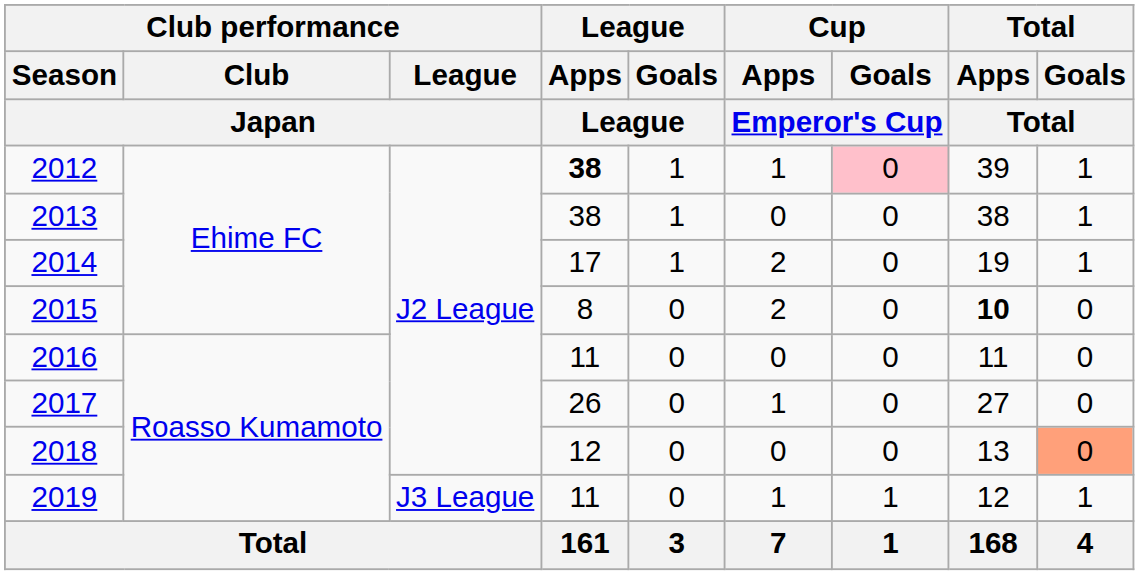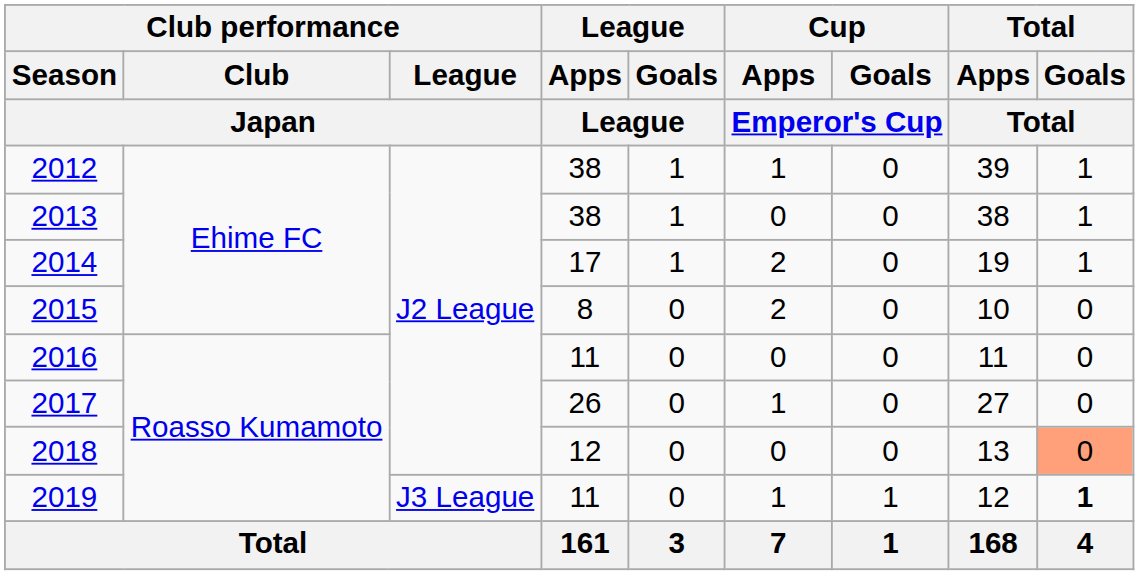 <table class="wikitable" style="text-align:center;">
 <tr>
 <th colspan=3>Club performance</th>
 <th colspan=2>League</th>
 <th colspan=2>Cup</th>
 <th colspan=2>Total</th>
 </tr>
 <tr>
 <th>Season</th>
 <th>Club</th>
 <th>League</th>
 <th>Apps</th>
 <th>Goals</th>
 <th>Apps</th>
 <th>Goals</th>
 <th>Apps</th>
 <th>Goals</th>
 </tr>
 <tr>
 <th colspan=3>Japan</th>
 <th colspan=2>League</th>
 <th colspan=2><a href='#'>Emperor's Cup</a></th>
 <th colspan=2>Total</th>
 </tr>
 <tr>
 <td><a href='#'>2012</a></td>
 <td rowspan="4"><a href='#'>Ehime FC</a></td>
 <td rowspan="7"><a href='#'>J2 League</a></td>
-<td><strong>38</strong></td>
+<td>38</td>
 <td>1</td>
 <td>1</td>
-<td style="background: pink;">0</td>
+<td>0</td>
 <td>39</td>
 <td>1</td>
 </tr>
 <tr>
 <td><a href='#'>2013</a></td>
 <td>38</td>
 <td>1</td>
 <td>0</td>
 <td>0</td>
 <td>38</td>
 <td>1</td>
 </tr>
 <tr>
 <td><a href='#'>2014</a></td>
 <td>17</td>
 <td>1</td>
 <td>2</td>
 <td>0</td>
 <td>19</td>
 <td>1</td>
 </tr>
 <tr>
 <td><a href='#'>2015</a></td>
 <td>8</td>
 <td>0</td>
 <td>2</td>
 <td>0</td>
-<td><strong>10</strong></td>
+<td>10</td>
 <td>0</td>
 </tr>
 <tr>
 <td><a href='#'>2016</a></td>
 <td rowspan="4"><a href='#'>Roasso Kumamoto</a></td>
 <td>11</td>
 <td>0</td>
 <td>0</td>
 <td>0</td>
 <td>11</td>
 <td>0</td>
 </tr>
 <tr>
 <td><a href='#'>2017</a></td>
 <td>26</td>
 <td>0</td>
 <td>1</td>
 <td>0</td>
 <td>27</td>
 <td>0</td>
 </tr>
 <tr>
 <td><a href='#'>2018</a></td>
 <td>12</td>
 <td>0</td>
 <td>0</td>
 <td>0</td>
 <td>13</td>
 <td style="background: lightsalmon;">0</td>
 </tr>
 <tr>
 <td><a href='#'>2019</a></td>
 <td><a href='#'>J3 League</a></td>
 <td>11</td>
 <td>0</td>
 <td>1</td>
 <td>1</td>
 <td>12</td>
-<td>1</td>
+<td><strong>1</strong></td>
 </tr>
 <tr>
 <th colspan=3>Total</th>
 <th>161</th>
 <th>3</th>
 <th>7</th>
 <th>1</th>
 <th>168</th>
 <th>4</th>
 </tr>
 </table>
